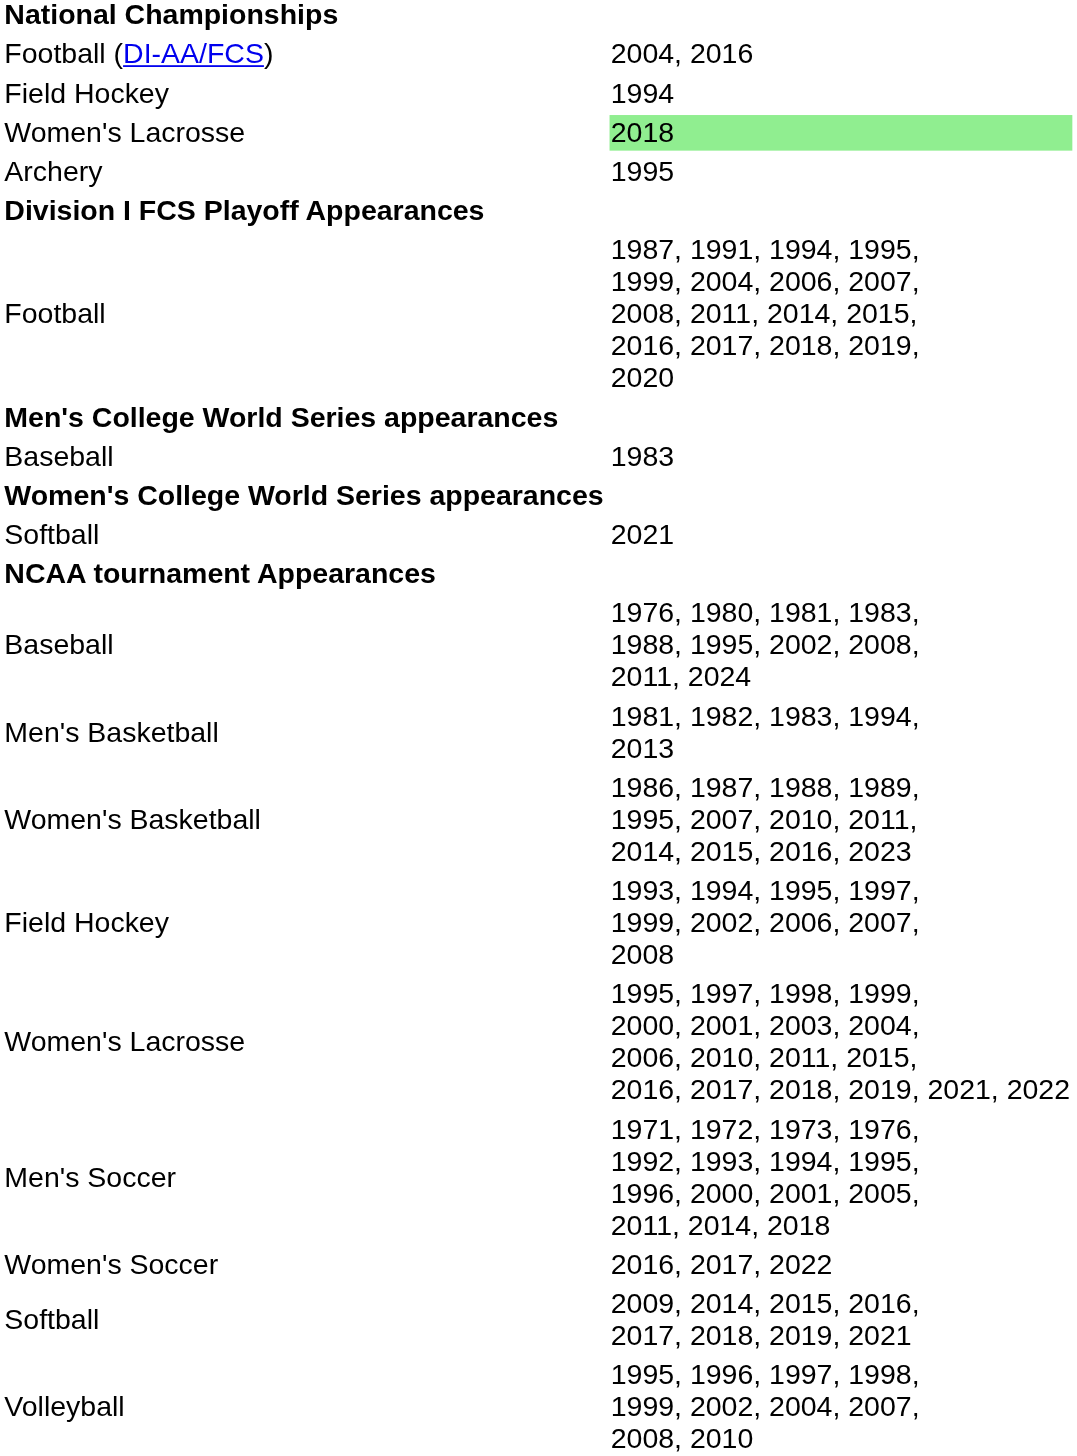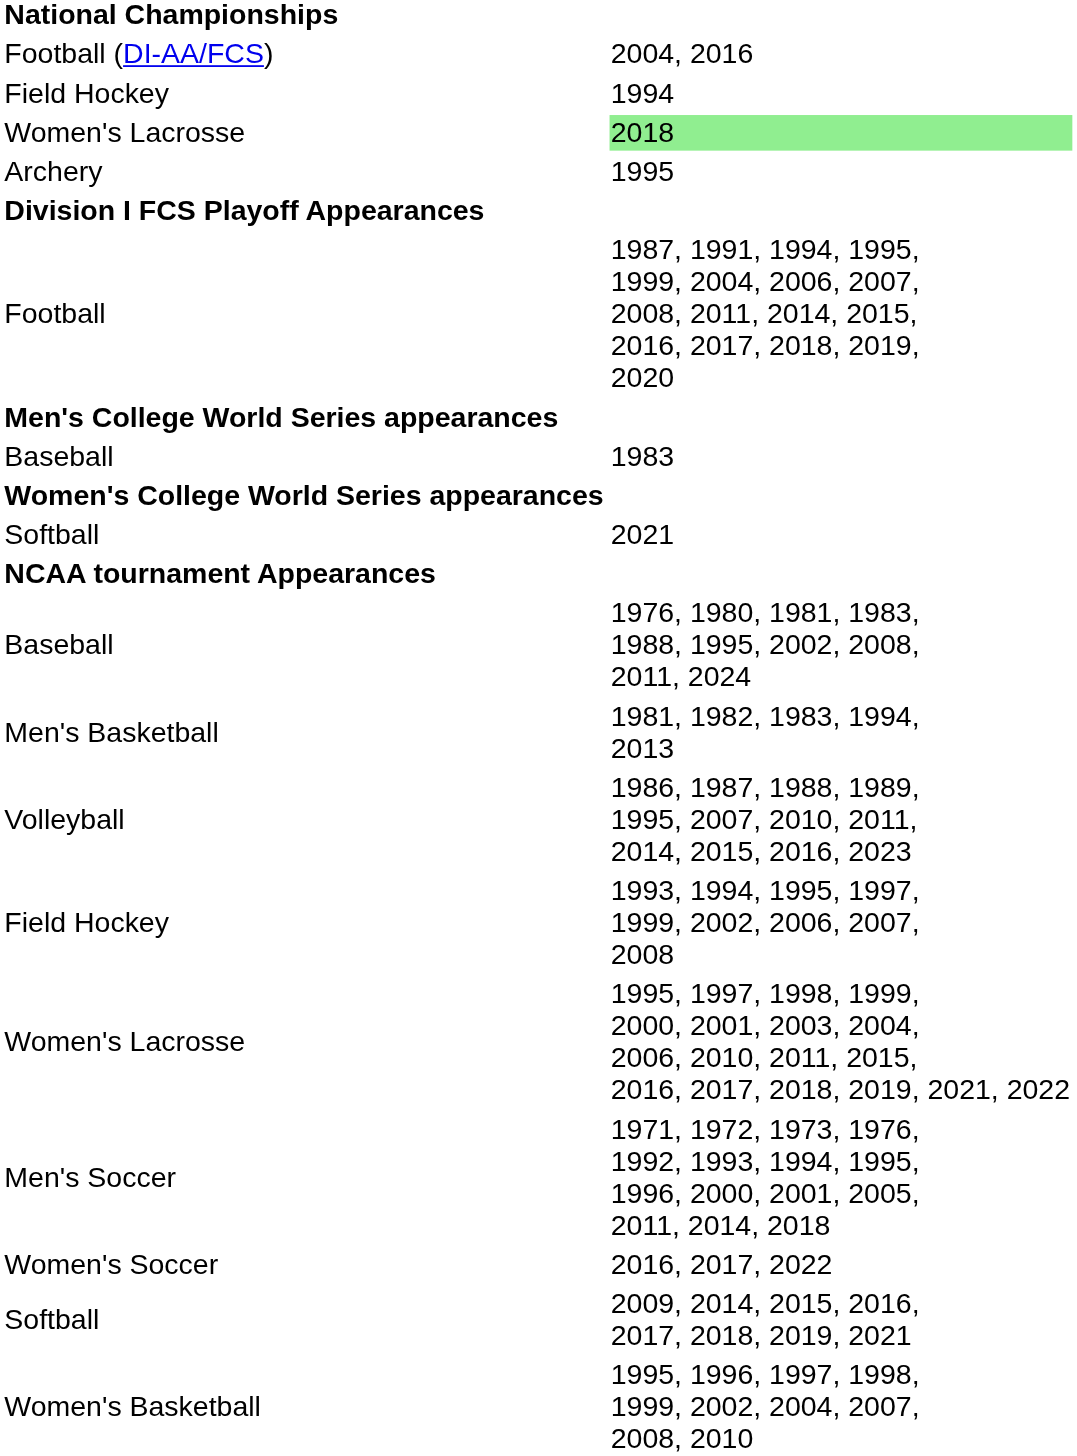 <table>
 <tr>
 <td><strong>National Championships</strong></td>
 </tr>
 <tr>
 <td>Football (<a href='#'>DI-AA/FCS</a>)</td>
 <td>2004, 2016</td>
 </tr>
 <tr>
 <td>Field Hockey</td>
 <td>1994</td>
 </tr>
 <tr>
 <td>Women's Lacrosse</td>
 <td style="background: lightgreen;">2018</td>
 </tr>
 <tr>
 <td>Archery</td>
 <td>1995</td>
 </tr>
 <tr>
 <td><strong>Division I FCS Playoff Appearances</strong></td>
 </tr>
 <tr>
 <td>Football</td>
 <td>1987, 1991, 1994, 1995, <br>1999, 2004, 2006, 2007, <br>2008, 2011, 2014, 2015, <br>2016, 2017, 2018, 2019, <br>2020</td>
 </tr>
 <tr>
 <td><strong>Men's College World Series appearances</strong></td>
 </tr>
 <tr>
 <td>Baseball</td>
 <td>1983</td>
 </tr>
 <tr>
 <td><strong>Women's College World Series appearances</strong></td>
 </tr>
 <tr>
 <td>Softball</td>
 <td>2021</td>
 </tr>
 <tr>
 <td><strong>NCAA tournament Appearances</strong></td>
 </tr>
 <tr>
 <td>Baseball</td>
 <td>1976, 1980, 1981, 1983, <br>1988, 1995, 2002, 2008, <br>2011, 2024</td>
 </tr>
 <tr>
 <td>Men's Basketball</td>
 <td>1981, 1982, 1983, 1994, <br>2013</td>
 </tr>
 <tr>
-<td>Women's Basketball</td>
+<td>Volleyball</td>
 <td>1986, 1987, 1988, 1989,<br>1995, 2007, 2010, 2011, <br> 2014, 2015, 2016, 2023</td>
 </tr>
 <tr>
 <td>Field Hockey</td>
 <td>1993, 1994, 1995, 1997,<br>1999, 2002, 2006, 2007, <br>2008</td>
 </tr>
 <tr>
 <td>Women's Lacrosse</td>
 <td>1995, 1997, 1998, 1999,<br>2000, 2001, 2003, 2004,<br>2006, 2010, 2011, 2015,<br>2016, 2017, 2018, 2019, 2021, 2022</td>
 </tr>
 <tr>
 <td>Men's Soccer</td>
 <td>1971, 1972, 1973, 1976,<br>1992, 1993, 1994, 1995,<br>1996, 2000, 2001, 2005,<br>2011, 2014, 2018</td>
 </tr>
 <tr>
 <td>Women's Soccer</td>
 <td>2016, 2017, 2022</td>
 </tr>
 <tr>
 <td>Softball</td>
 <td>2009, 2014, 2015, 2016,<br>2017, 2018, 2019, 2021</td>
 </tr>
 <tr>
-<td>Volleyball</td>
+<td>Women's Basketball</td>
 <td>1995, 1996, 1997, 1998,<br>1999, 2002, 2004, 2007,<br>2008, 2010</td>
 </tr>
 </table>
